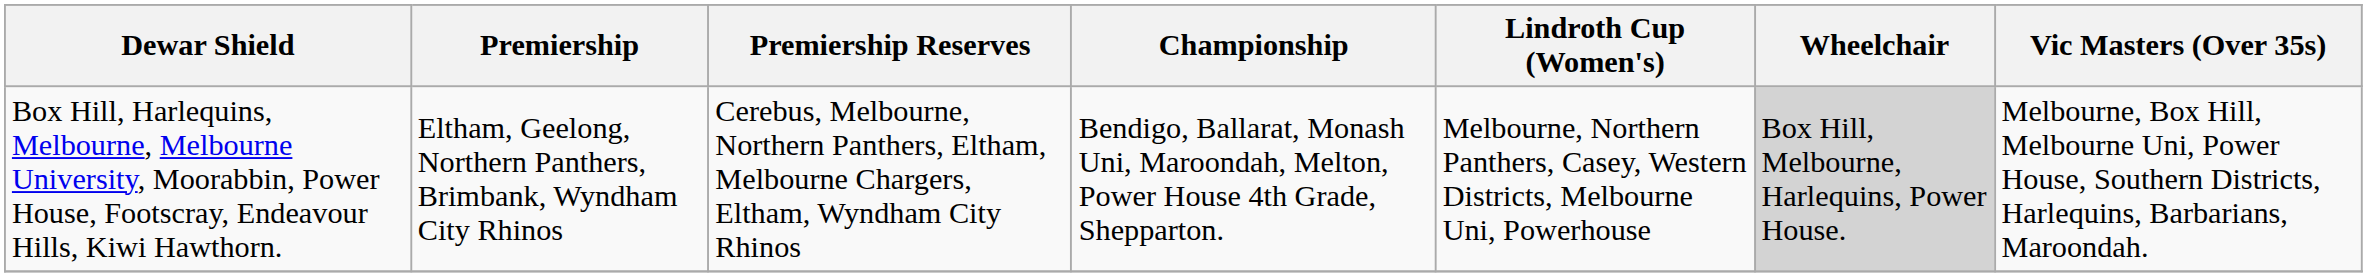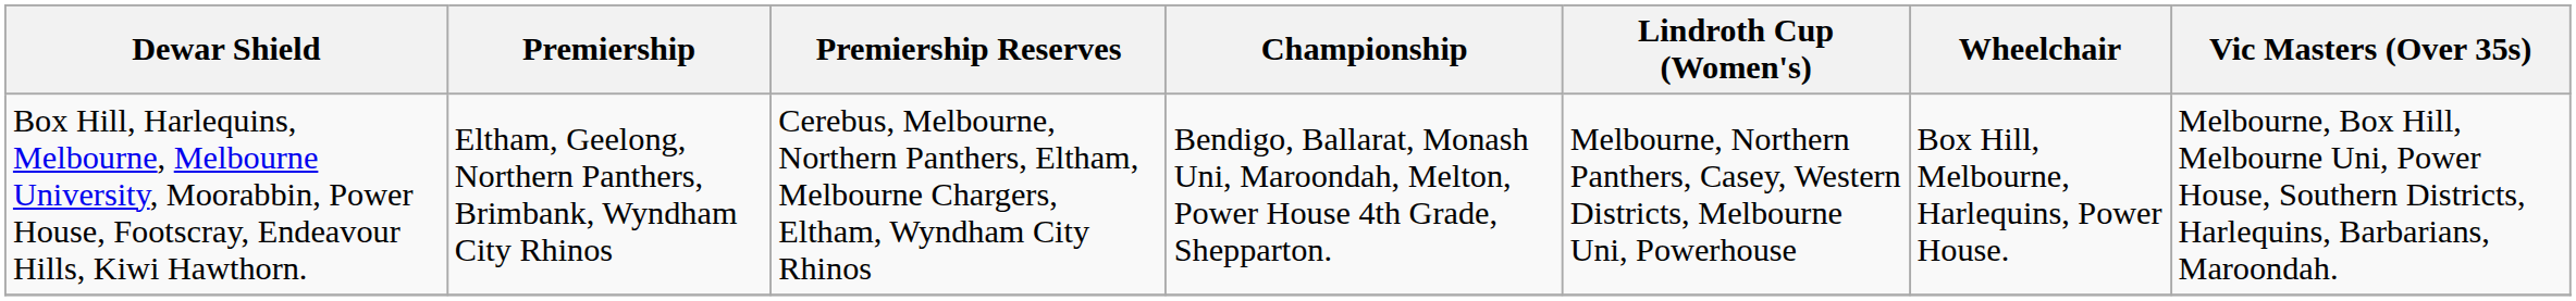 <table class="wikitable" border="1">
 <tr>
 <th>Dewar Shield</th>
 <th>Premiership</th>
 <th>Premiership Reserves</th>
 <th>Championship</th>
 <th>Lindroth Cup (Women's)</th>
 <th>Wheelchair</th>
 <th>Vic Masters (Over 35s)</th>
 </tr>
 <tr>
 <td>Box Hill, Harlequins, <a href='#'>Melbourne</a>, <a href='#'>Melbourne University</a>, Moorabbin, Power House, Footscray, Endeavour Hills, Kiwi Hawthorn.</td>
 <td>Eltham, Geelong, Northern Panthers, Brimbank, Wyndham City Rhinos</td>
 <td>Cerebus, Melbourne, Northern Panthers, Eltham, Melbourne Chargers, Eltham, Wyndham City Rhinos</td>
 <td>Bendigo, Ballarat, Monash Uni, Maroondah, Melton, Power House 4th Grade, Shepparton.</td>
 <td>Melbourne, Northern Panthers, Casey, Western Districts, Melbourne Uni, Powerhouse</td>
-<td style="background: lightgrey;">Box Hill, Melbourne, Harlequins, Power House.</td>
+<td>Box Hill, Melbourne, Harlequins, Power House.</td>
 <td>Melbourne, Box Hill, Melbourne Uni, Power House, Southern Districts, Harlequins, Barbarians, Maroondah.</td>
 </tr>
 <tr>
 </tr>
 </table>
